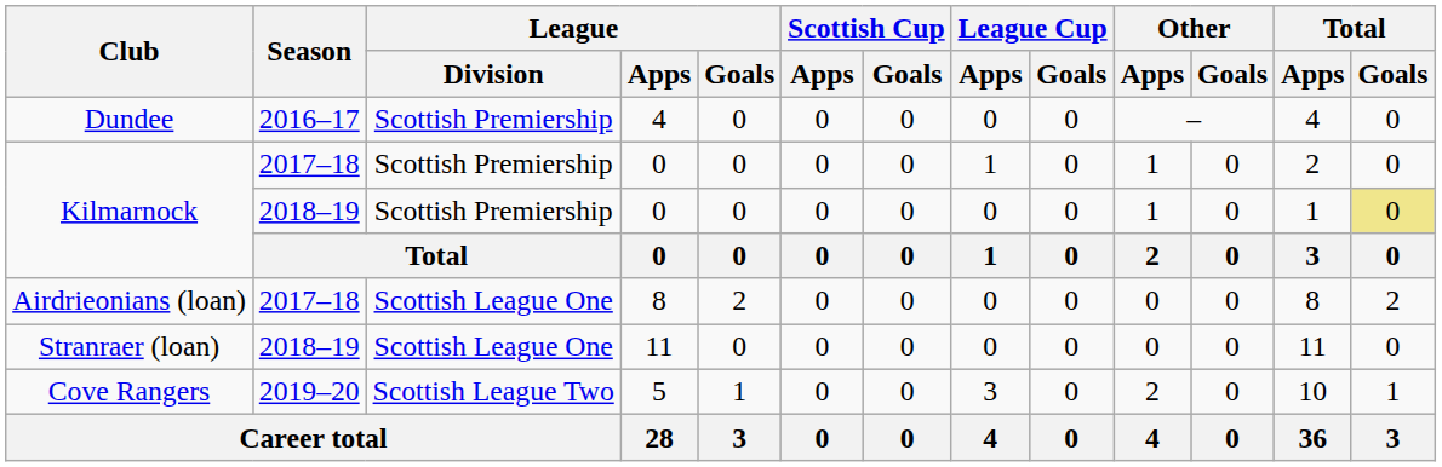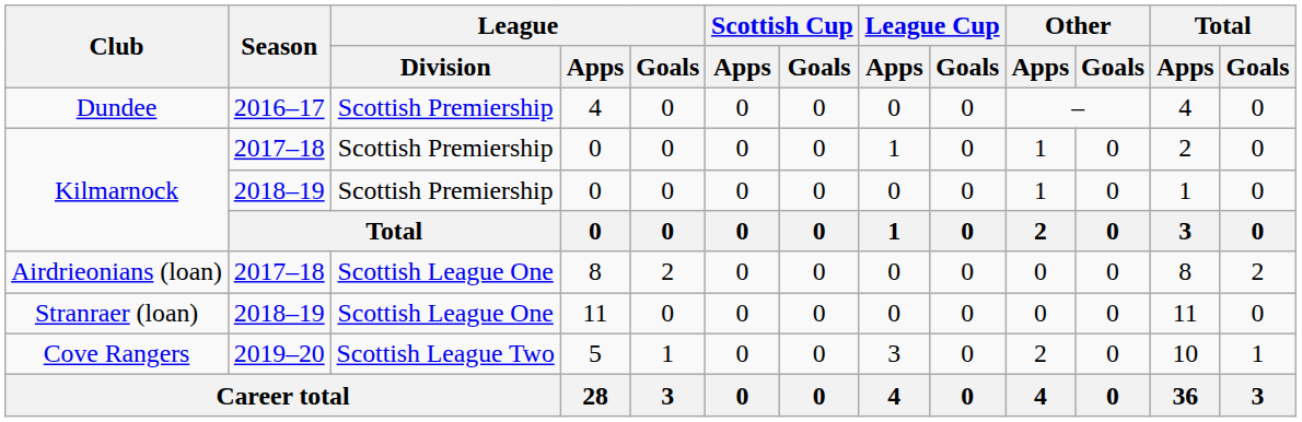 <table class="wikitable" style="text-align:center">
 <tr>
 <th rowspan="2">Club</th>
 <th rowspan="2">Season</th>
 <th colspan="3">League</th>
 <th colspan="2"><a href='#'>Scottish Cup</a></th>
 <th colspan="2"><a href='#'>League Cup</a></th>
 <th colspan="2">Other</th>
 <th colspan="2">Total</th>
 </tr>
 <tr>
 <th>Division</th>
 <th>Apps</th>
 <th>Goals</th>
 <th>Apps</th>
 <th>Goals</th>
 <th>Apps</th>
 <th>Goals</th>
 <th>Apps</th>
 <th>Goals</th>
 <th>Apps</th>
 <th>Goals</th>
 </tr>
 <tr>
 <td><a href='#'>Dundee</a></td>
 <td><a href='#'>2016–17</a></td>
 <td><a href='#'>Scottish Premiership</a></td>
 <td>4</td>
 <td>0</td>
 <td>0</td>
 <td>0</td>
 <td>0</td>
 <td>0</td>
 <td colspan="2">–</td>
 <td>4</td>
 <td>0</td>
 </tr>
 <tr>
 <td rowspan=3><a href='#'>Kilmarnock</a></td>
 <td><a href='#'>2017–18</a></td>
 <td>Scottish Premiership</td>
 <td>0</td>
 <td>0</td>
 <td>0</td>
 <td>0</td>
 <td>1</td>
 <td>0</td>
 <td>1</td>
 <td>0</td>
 <td>2</td>
 <td>0</td>
 </tr>
 <tr>
 <td><a href='#'>2018–19</a></td>
 <td>Scottish Premiership</td>
 <td>0</td>
 <td>0</td>
 <td>0</td>
 <td>0</td>
 <td>0</td>
 <td>0</td>
 <td>1</td>
 <td>0</td>
 <td>1</td>
-<td style="background: khaki;">0</td>
+<td>0</td>
 </tr>
 <tr>
 <th colspan=2>Total</th>
 <th>0</th>
 <th>0</th>
 <th>0</th>
 <th>0</th>
 <th>1</th>
 <th>0</th>
 <th>2</th>
 <th>0</th>
 <th>3</th>
 <th>0</th>
 </tr>
 <tr>
 <td><a href='#'>Airdrieonians</a> (loan)</td>
 <td><a href='#'>2017–18</a></td>
 <td><a href='#'>Scottish League One</a></td>
 <td>8</td>
 <td>2</td>
 <td>0</td>
 <td>0</td>
 <td>0</td>
 <td>0</td>
 <td>0</td>
 <td>0</td>
 <td>8</td>
 <td>2</td>
 </tr>
 <tr>
 <td><a href='#'>Stranraer</a> (loan)</td>
 <td><a href='#'>2018–19</a></td>
 <td><a href='#'>Scottish League One</a></td>
 <td>11</td>
 <td>0</td>
 <td>0</td>
 <td>0</td>
 <td>0</td>
 <td>0</td>
 <td>0</td>
 <td>0</td>
 <td>11</td>
 <td>0</td>
 </tr>
 <tr>
 <td><a href='#'>Cove Rangers</a></td>
 <td><a href='#'>2019–20</a></td>
 <td><a href='#'>Scottish League Two</a></td>
 <td>5</td>
 <td>1</td>
 <td>0</td>
 <td>0</td>
 <td>3</td>
 <td>0</td>
 <td>2</td>
 <td>0</td>
 <td>10</td>
 <td>1</td>
 </tr>
 <tr>
 <th colspan="3">Career total</th>
 <th>28</th>
 <th>3</th>
 <th>0</th>
 <th>0</th>
 <th>4</th>
 <th>0</th>
 <th>4</th>
 <th>0</th>
 <th>36</th>
 <th>3</th>
 </tr>
 </table>
